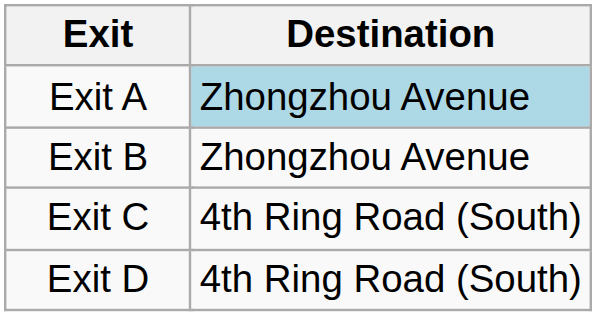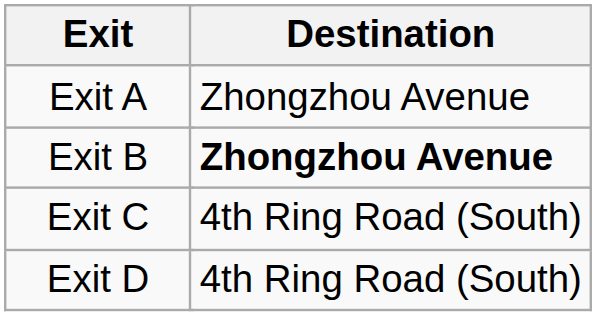 <table class="wikitable">
 <tr>
 <th style="width:70px" colspan="2">Exit</th>
 <th>Destination</th>
 </tr>
 <tr>
 <td align="center" colspan="2">Exit A</td>
-<td style="background: lightblue;">Zhongzhou Avenue</td>
+<td>Zhongzhou Avenue</td>
 </tr>
 <tr>
 <td align="center" colspan="2">Exit B</td>
-<td>Zhongzhou Avenue</td>
+<td><strong>Zhongzhou Avenue</strong></td>
 </tr>
 <tr>
 <td align="center" colspan="2">Exit C</td>
 <td>4th Ring Road (South)</td>
 </tr>
 <tr>
 <td align="center" colspan="2">Exit D</td>
 <td>4th Ring Road (South)</td>
 </tr>
 </table>
